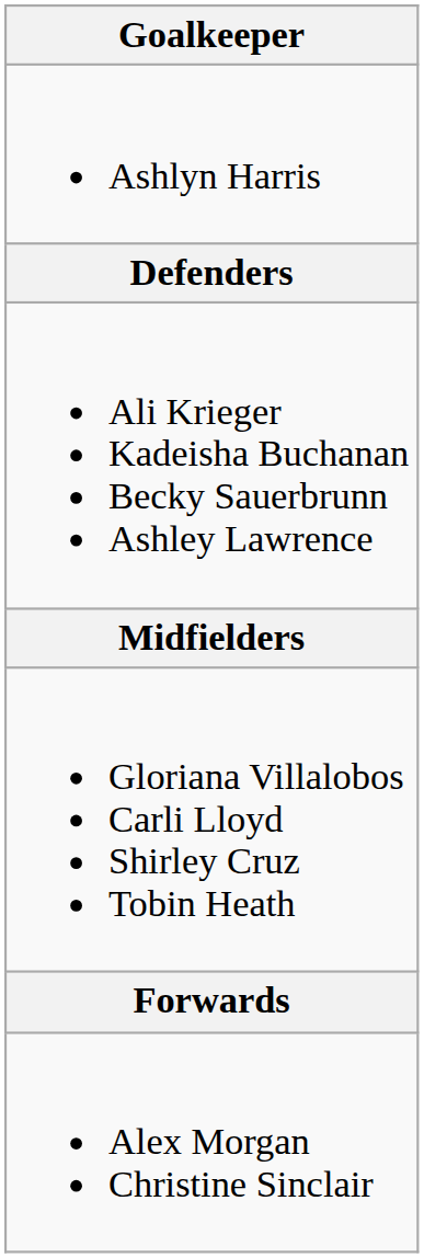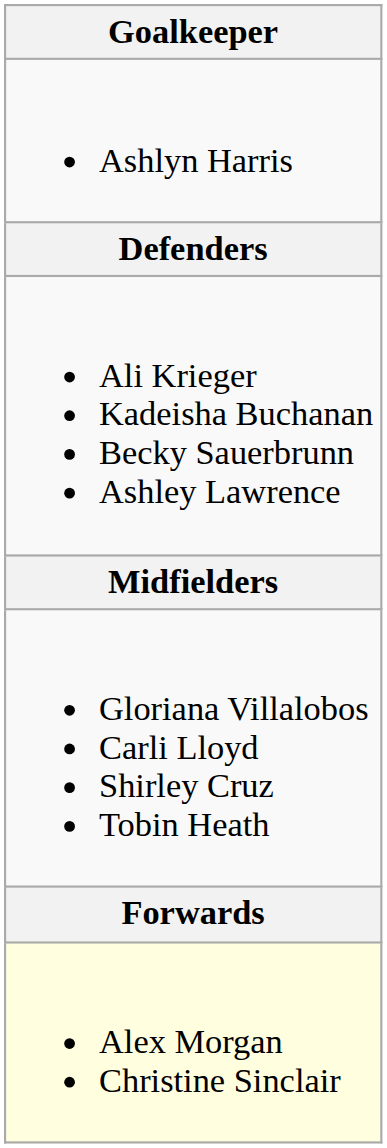 <table class="wikitable">
 <tr>
 <th>Goalkeeper</th>
 </tr>
 <tr>
 <td><br><ul><li>Ashlyn Harris</li></ul></td>
 </tr>
 <tr>
 <th>Defenders</th>
 </tr>
 <tr>
 <td><br><ul><li>Ali Krieger</li><li>Kadeisha Buchanan</li><li>Becky Sauerbrunn</li><li>Ashley Lawrence</li></ul></td>
 </tr>
 <tr>
 <th>Midfielders</th>
 </tr>
 <tr>
 <td><br><ul><li>Gloriana Villalobos</li><li>Carli Lloyd</li><li>Shirley Cruz</li><li>Tobin Heath</li></ul></td>
 </tr>
 <tr>
 <th>Forwards</th>
 </tr>
 <tr>
-<td><br><ul><li>Alex Morgan</li><li>Christine Sinclair</li></ul></td>
+<td style="background: lightyellow;"><br><ul><li>Alex Morgan</li><li>Christine Sinclair</li></ul></td>
 </tr>
 </table>
